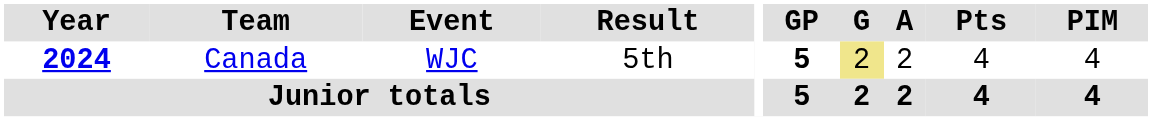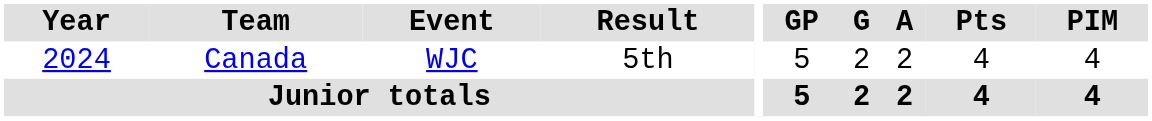 <table border="0" cellpadding="1" cellspacing="0" ID="Table3" style="text-align:center; width:40em">
 <tr bgcolor="#e0e0e0">
 <th>Year</th>
 <th>Team</th>
 <th>Event</th>
 <th>Result</th>
 <th rowspan="99" bgcolor="#ffffff"></th>
 <th>GP</th>
 <th>G</th>
 <th>A</th>
 <th>Pts</th>
 <th>PIM</th>
 </tr>
 <tr ALIGN="center">
-<td><strong><a href='#'>2024</a></strong></td>
+<td><a href='#'>2024</a></td>
 <td><a href='#'>Canada</a></td>
 <td><a href='#'>WJC</a></td>
 <td>5th</td>
-<td><strong>5</strong></td>
-<td style="background: khaki;">2</td>
+<td>5</td>
+<td>2</td>
 <td>2</td>
 <td>4</td>
 <td>4</td>
 </tr>
 <tr bgcolor="#e0e0e0">
 <th colspan="4">Junior totals</th>
 <th>5</th>
 <th>2</th>
 <th>2</th>
 <th>4</th>
 <th>4</th>
 </tr>
 </table>
